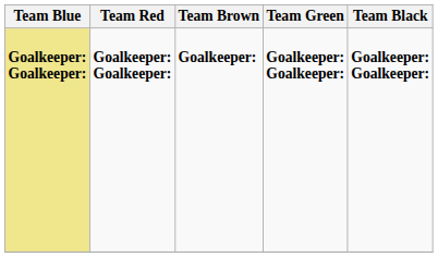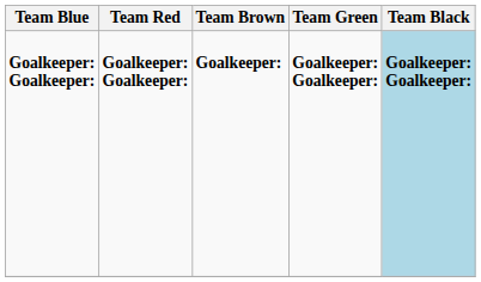 <table class="wikitable">
 <tr>
 <th> Team Blue</th>
 <th> Team Red</th>
 <th> Team Brown</th>
 <th> Team Green</th>
 <th> Team Black</th>
 </tr>
 <tr>
-<td style="background: khaki;"><br><strong>Goalkeeper:</strong> <br> <strong>Goalkeeper:</strong> <br> <br> <br> <br> <br> <br> <br> <br> <br> <br> <br> </td>
+<td><br><strong>Goalkeeper:</strong> <br> <strong>Goalkeeper:</strong> <br> <br> <br> <br> <br> <br> <br> <br> <br> <br> <br> </td>
 <td><br><strong>Goalkeeper:</strong> <br> <strong>Goalkeeper:</strong> <br> <br> <br> <br> <br> <br> <br> <br> <br> <br> <br> </td>
 <td><br><strong>Goalkeeper:</strong> <br> <br> <br> <br> <br> <br> <br> <br> <br> <br> <br> <br> </td>
 <td><br><strong>Goalkeeper:</strong> <br> <strong>Goalkeeper:</strong> <br> <br> <br> <br> <br> <br> <br> <br> <br> <br> <br> </td>
-<td><br><strong>Goalkeeper:</strong> <br> <strong>Goalkeeper:</strong> <br> <br> <br> <br> <br> <br> <br> <br> <br> <br> <br> </td>
+<td style="background: lightblue;"><br><strong>Goalkeeper:</strong> <br> <strong>Goalkeeper:</strong> <br> <br> <br> <br> <br> <br> <br> <br> <br> <br> <br> </td>
 </tr>
 <tr>
 </tr>
 </table>
